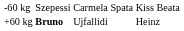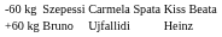 <table>
 <tr>
 <td>-60 kg</td>
 <td>Szepessi </td>
 <td>Carmela Spata </td>
 <td>Kiss Beata </td>
 </tr>
 <tr>
 <td>+60 kg</td>
-<td><strong>Bruno </strong></td>
+<td>Bruno </td>
 <td>Ujfallidi </td>
 <td>Heinz </td>
 </tr>
 <tr>
 </tr>
 </table>
